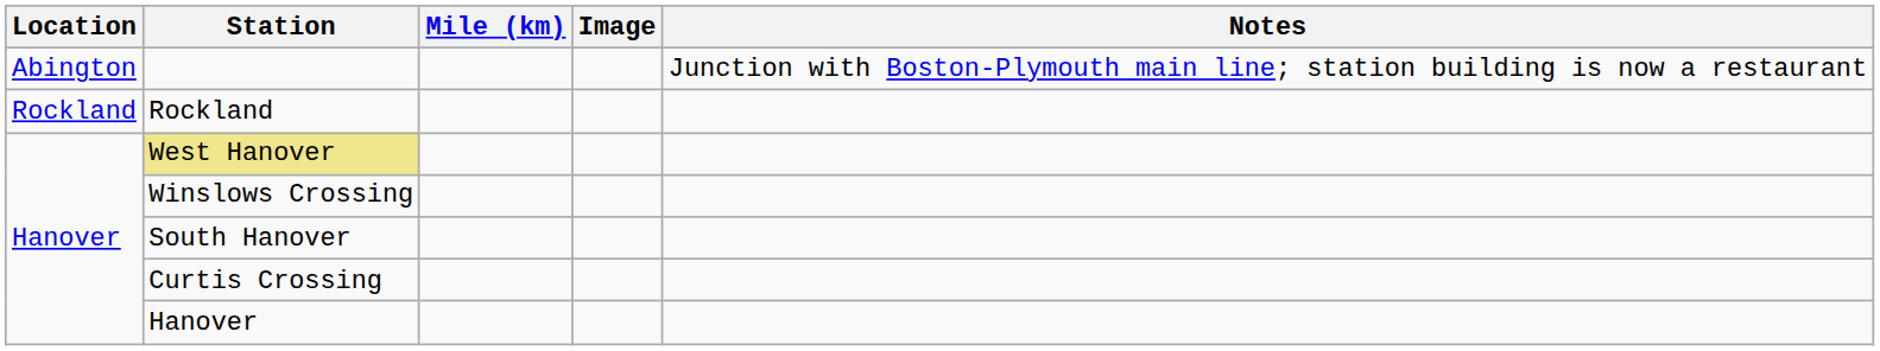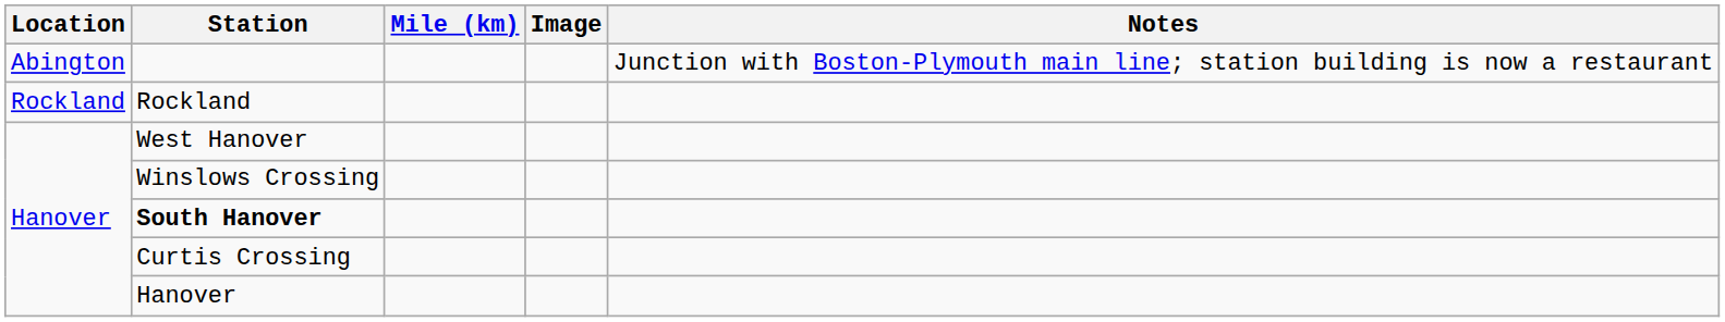 <table class="wikitable">
 <tr>
 <th>Location</th>
 <th>Station</th>
 <th><a href='#'>Mile (km)</a></th>
 <th>Image</th>
 <th>Notes</th>
 </tr>
 <tr>
 <td><a href='#'>Abington</a></td>
 <td></td>
 <td></td>
 <td></td>
 <td>Junction with <a href='#'>Boston-Plymouth main line</a>; station building is now a restaurant</td>
 </tr>
 <tr>
 <td><a href='#'>Rockland</a></td>
 <td>Rockland</td>
 <td></td>
 <td></td>
 <td></td>
 </tr>
 <tr>
 <td rowspan=5><a href='#'>Hanover</a></td>
-<td style="background: khaki;">West Hanover</td>
+<td>West Hanover</td>
 <td></td>
 <td></td>
 <td></td>
 </tr>
 <tr>
 <td>Winslows Crossing</td>
 <td></td>
 <td></td>
 <td></td>
 </tr>
 <tr>
-<td>South Hanover</td>
+<td><strong>South Hanover</strong></td>
 <td></td>
 <td></td>
 <td></td>
 </tr>
 <tr>
 <td>Curtis Crossing</td>
 <td></td>
 <td></td>
 <td></td>
 </tr>
 <tr>
 <td>Hanover</td>
 <td></td>
 <td></td>
 <td></td>
 </tr>
 </table>
